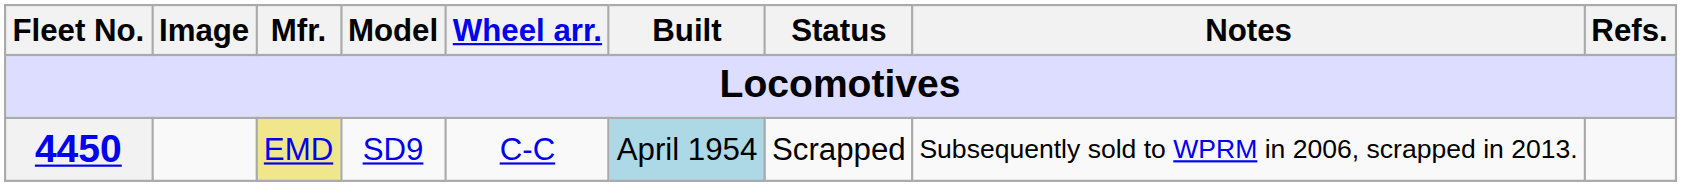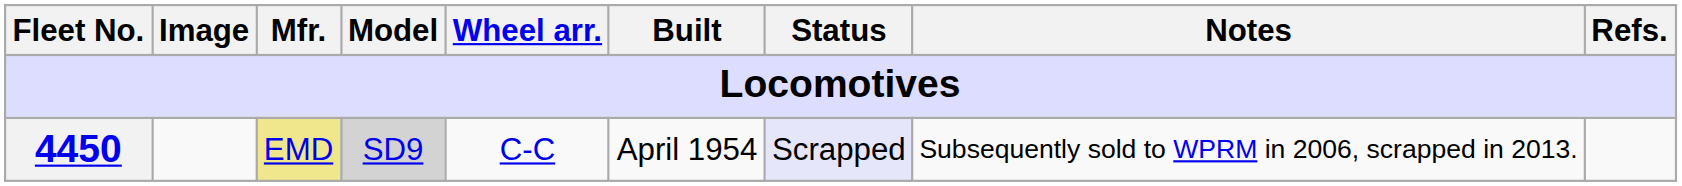 <table class="wikitable sortable" style="text-align:center;font-size:90%;">
 <tr>
 <th>Fleet No.</th>
 <th class="unsortable">Image</th>
 <th>Mfr.</th>
 <th>Model</th>
 <th><a href='#'>Wheel arr.</a></th>
 <th>Built</th>
 <th>Status</th>
 <th class="unsortable">Notes</th>
 <th class="unsortable">Refs.</th>
 </tr>
 <tr>
 <td colspan="9" style="font-size:125%;background:#ddf"><strong>Locomotives</strong></td>
 </tr>
 <tr>
 <th style="font-size:125%;"><a href='#'>4450</a></th>
 <td></td>
 <td style="background: khaki;"><a href='#'>EMD</a></td>
-<td><a href='#'>SD9</a></td>
+<td style="background: lightgrey;"><a href='#'>SD9</a></td>
 <td><a href='#'>C-C</a></td>
-<td style="background: lightblue;">April 1954</td>
-<td>Scrapped</td>
+<td>April 1954</td>
+<td style="background: lavender;">Scrapped</td>
 <td style="text-align:left;font-size:85%;">Subsequently sold to <a href='#'>WPRM</a> in 2006, scrapped in 2013.</td>
 <td></td>
 </tr>
 </table>
